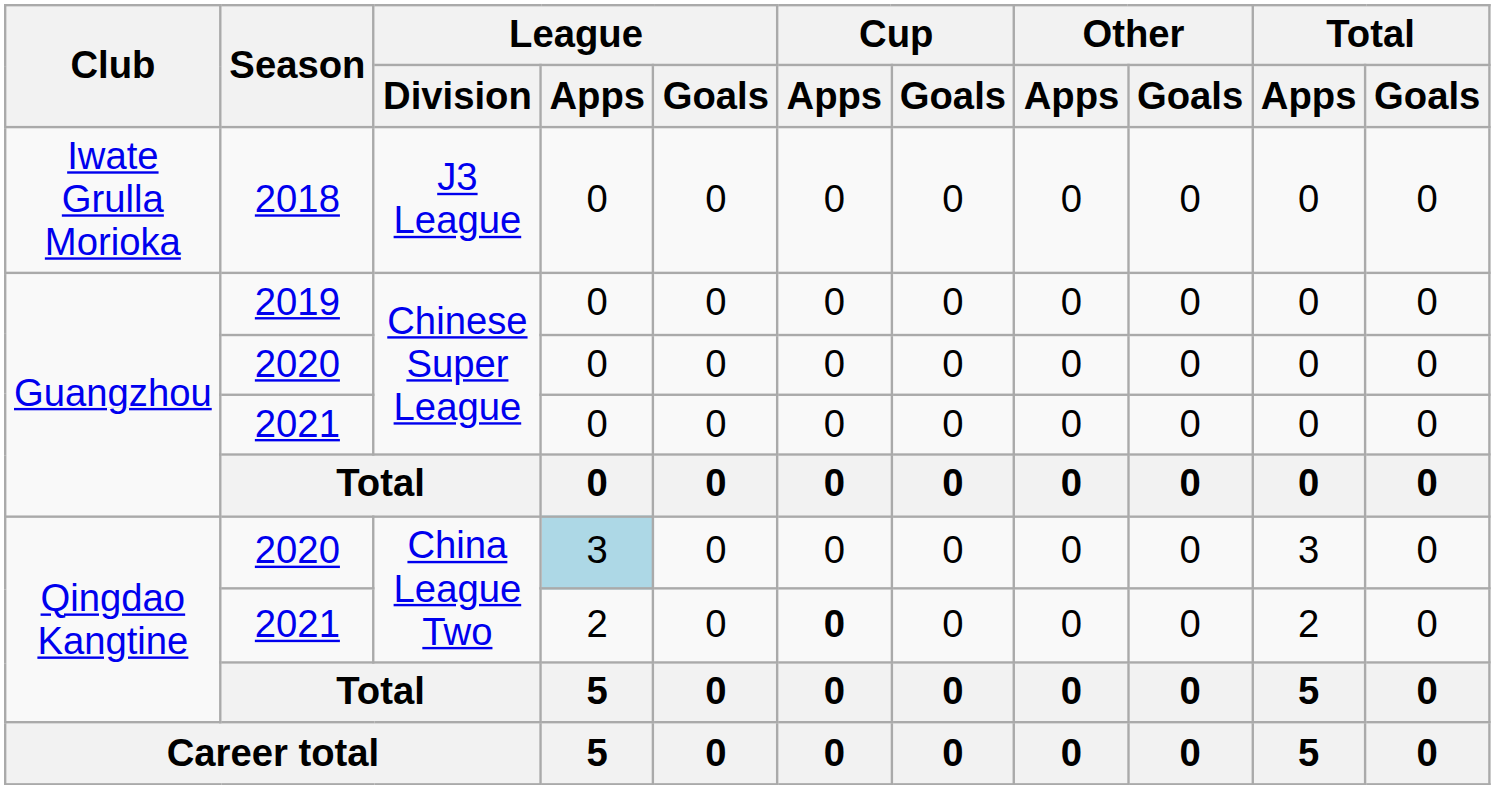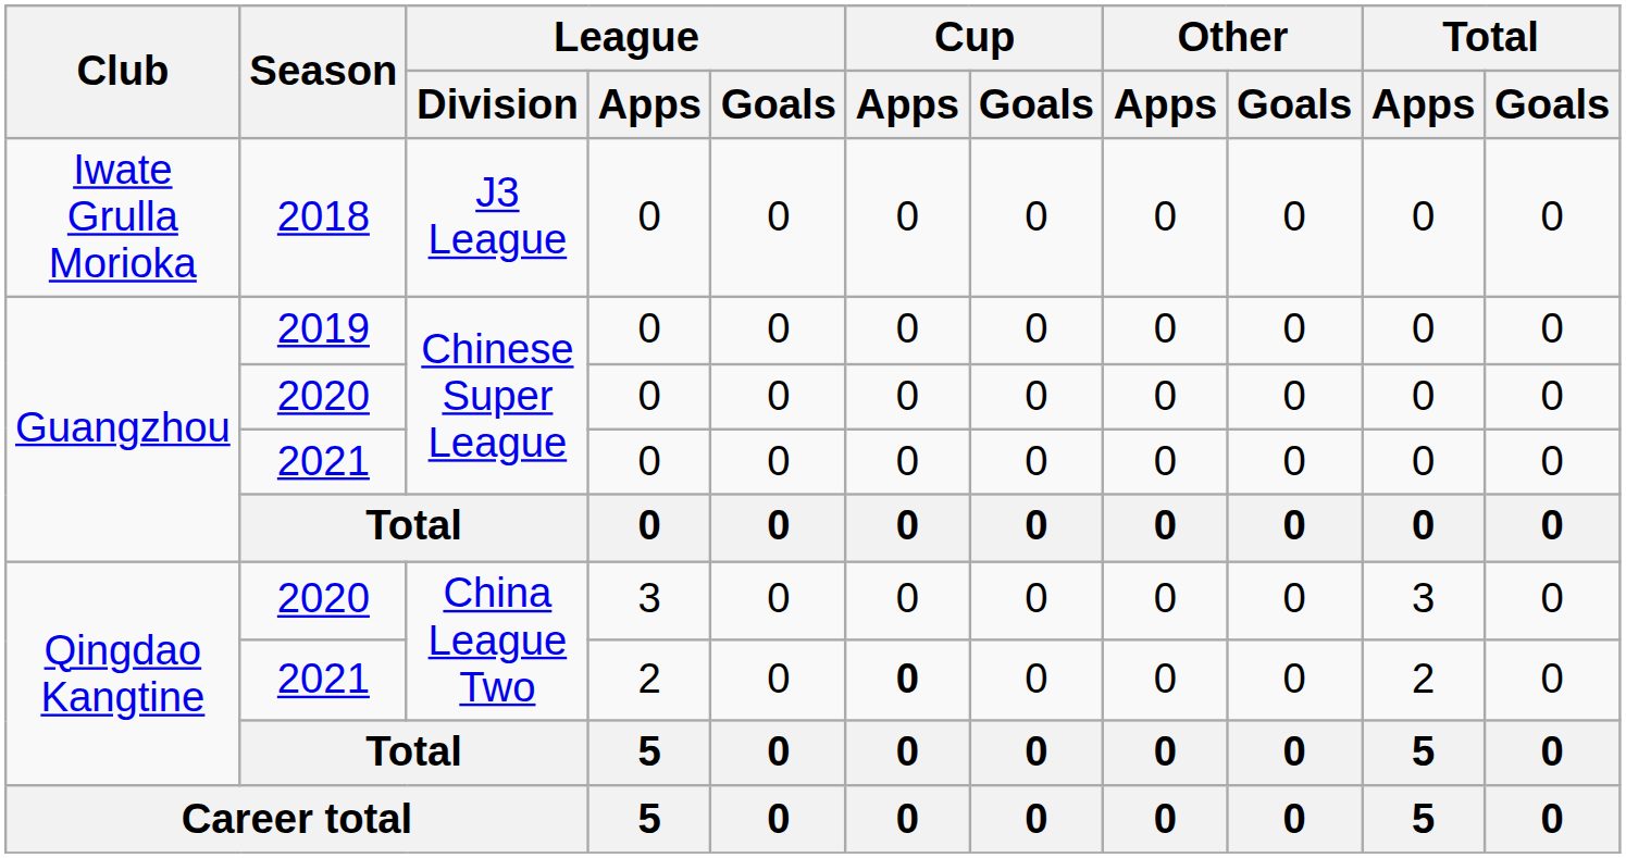 <table class="wikitable" style="text-align: center">
 <tr>
 <th rowspan="2">Club</th>
 <th rowspan="2">Season</th>
 <th colspan="3">League</th>
 <th colspan="2">Cup</th>
 <th colspan="2">Other</th>
 <th colspan="2">Total</th>
 </tr>
 <tr>
 <th>Division</th>
 <th>Apps</th>
 <th>Goals</th>
 <th>Apps</th>
 <th>Goals</th>
 <th>Apps</th>
 <th>Goals</th>
 <th>Apps</th>
 <th>Goals</th>
 </tr>
 <tr>
 <td><a href='#'>Iwate Grulla Morioka</a></td>
 <td><a href='#'>2018</a></td>
 <td><a href='#'>J3 League</a></td>
 <td>0</td>
 <td>0</td>
 <td>0</td>
 <td>0</td>
 <td>0</td>
 <td>0</td>
 <td>0</td>
 <td>0</td>
 </tr>
 <tr>
 <td rowspan="4"><a href='#'>Guangzhou</a></td>
 <td><a href='#'>2019</a></td>
 <td rowspan="3"><a href='#'>Chinese Super League</a></td>
 <td>0</td>
 <td>0</td>
 <td>0</td>
 <td>0</td>
 <td>0</td>
 <td>0</td>
 <td>0</td>
 <td>0</td>
 </tr>
 <tr>
 <td><a href='#'>2020</a></td>
 <td>0</td>
 <td>0</td>
 <td>0</td>
 <td>0</td>
 <td>0</td>
 <td>0</td>
 <td>0</td>
 <td>0</td>
 </tr>
 <tr>
 <td><a href='#'>2021</a></td>
 <td>0</td>
 <td>0</td>
 <td>0</td>
 <td>0</td>
 <td>0</td>
 <td>0</td>
 <td>0</td>
 <td>0</td>
 </tr>
 <tr>
 <th colspan=2>Total</th>
 <th>0</th>
 <th>0</th>
 <th>0</th>
 <th>0</th>
 <th>0</th>
 <th>0</th>
 <th>0</th>
 <th>0</th>
 </tr>
 <tr>
 <td rowspan="3"><a href='#'>Qingdao Kangtine</a></td>
 <td><a href='#'>2020</a></td>
 <td rowspan="2"><a href='#'>China League Two</a></td>
-<td style="background: lightblue;">3</td>
+<td>3</td>
 <td>0</td>
 <td>0</td>
 <td>0</td>
 <td>0</td>
 <td>0</td>
 <td>3</td>
 <td>0</td>
 </tr>
 <tr>
 <td><a href='#'>2021</a></td>
 <td>2</td>
 <td>0</td>
 <td><strong>0</strong></td>
 <td>0</td>
 <td>0</td>
 <td>0</td>
 <td>2</td>
 <td>0</td>
 </tr>
 <tr>
 <th colspan=2>Total</th>
 <th>5</th>
 <th>0</th>
 <th>0</th>
 <th>0</th>
 <th>0</th>
 <th>0</th>
 <th>5</th>
 <th>0</th>
 </tr>
 <tr>
 <th colspan=3>Career total</th>
 <th>5</th>
 <th>0</th>
 <th>0</th>
 <th>0</th>
 <th>0</th>
 <th>0</th>
 <th>5</th>
 <th>0</th>
 </tr>
 </table>
